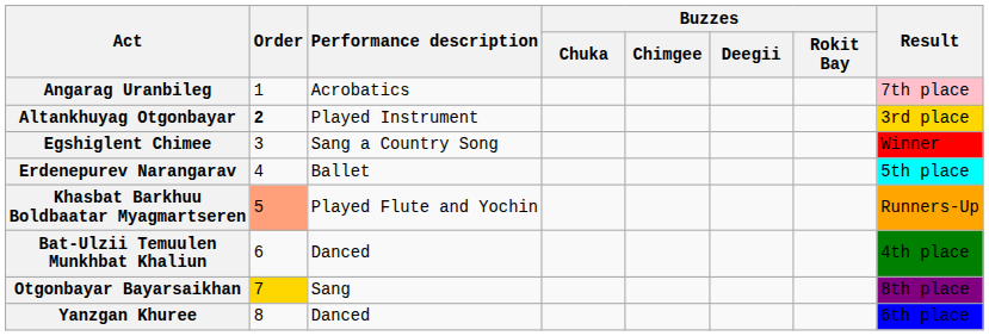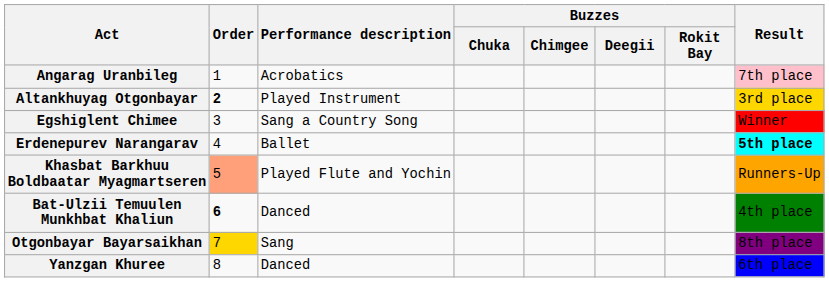 <table class="wikitable plainrowheaders">
 <tr>
 <th rowspan=2>Act</th>
 <th rowspan=2>Order</th>
 <th rowspan=2>Performance description</th>
 <th colspan=4>Buzzes</th>
 <th rowspan=2 colspan=2>Result</th>
 </tr>
 <tr>
 <th style="width:60px;">Chuka</th>
 <th style="width:60px;">Chimgee</th>
 <th style="width:60px;">Deegii</th>
 <th style="width:60px;">Rokit Bay</th>
 </tr>
 <tr>
 <th scope="row">Angarag Uranbileg</th>
 <td>1</td>
 <td>Acrobatics</td>
 <td></td>
 <td></td>
 <td></td>
 <td></td>
 <td style="background: pink">7th place</td>
 </tr>
 <tr>
 <th scope="row">Altankhuyag Otgonbayar</th>
 <td><strong>2</strong></td>
 <td>Played Instrument</td>
 <td></td>
 <td></td>
 <td></td>
 <td></td>
 <td style="background: gold">3rd place</td>
 </tr>
 <tr>
 <th scope="row">Egshiglent Chimee</th>
 <td>3</td>
 <td>Sang a Country Song</td>
 <td></td>
 <td></td>
 <td></td>
 <td></td>
 <td style="background: red">Winner</td>
 </tr>
 <tr>
 <th scope="row">Erdenepurev Narangarav</th>
 <td>4</td>
 <td>Ballet</td>
 <td></td>
 <td></td>
 <td></td>
 <td></td>
-<td style="background: aqua">5th place</td>
+<td style="background: aqua"><strong>5th place</strong></td>
 </tr>
 <tr>
 <th scope="row">Khasbat Barkhuu<br>Boldbaatar Myagmartseren</th>
 <td style="background: lightsalmon;">5</td>
 <td>Played Flute and Yochin</td>
 <td></td>
 <td></td>
 <td></td>
 <td></td>
 <td style="background: orange">Runners-Up</td>
 </tr>
 <tr>
 <th scope="row">Bat-Ulzii Temuulen<br>Munkhbat Khaliun</th>
-<td>6</td>
+<td><strong>6</strong></td>
 <td>Danced</td>
 <td></td>
 <td></td>
 <td></td>
 <td></td>
 <td style="background: green">4th place</td>
 </tr>
 <tr>
 <th scope="row">Otgonbayar Bayarsaikhan</th>
 <td style="background: gold;">7</td>
 <td>Sang</td>
 <td></td>
 <td></td>
 <td></td>
 <td></td>
 <td style="background: purple">8th place</td>
 </tr>
 <tr>
 <th scope="row">Yanzgan Khuree</th>
 <td>8</td>
 <td>Danced</td>
 <td></td>
 <td></td>
 <td></td>
 <td></td>
 <td style="background: blue">6th place</td>
 </tr>
 </table>
